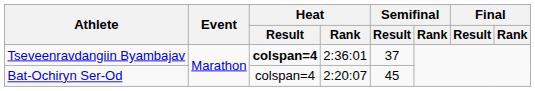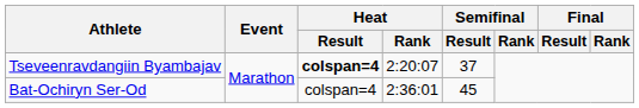 <table class="wikitable" style="font-size:90%">
 <tr>
 <th rowspan="2">Athlete</th>
 <th rowspan="2">Event</th>
 <th colspan="2">Heat</th>
 <th colspan="2">Semifinal</th>
 <th colspan="2">Final</th>
 </tr>
 <tr style="font-size:95%">
 <th>Result</th>
 <th>Rank</th>
 <th>Result</th>
 <th>Rank</th>
 <th>Result</th>
 <th>Rank</th>
 </tr>
 <tr style=text-align:center>
 <td style=text-align:left><a href='#'>Tseveenravdangiin Byambajav</a></td>
 <td style=text-align:left rowspan=2><a href='#'>Marathon</a></td>
 <td><strong>colspan=4 </strong></td>
-<td>2:36:01</td>
+<td>2:20:07</td>
 <td>37</td>
 </tr>
 <tr style=text-align:center>
 <td style=text-align:left><a href='#'>Bat-Ochiryn Ser-Od</a></td>
 <td>colspan=4 </td>
-<td>2:20:07</td>
+<td>2:36:01</td>
 <td>45</td>
 </tr>
 </table>
